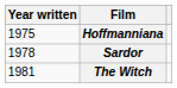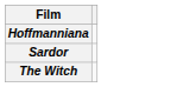 <table class="wikitable plainrowheaders sortable">
 <tr style="background:#ccc; text-align:center;">
-<th scope="col" class="unsortable">Year written</th>
 <th scope="col" class="unsortable">Film</th>
 <th scope="col" class="unsortable"></th>
 </tr>
 <tr>
-<td>1975</td>
 <th scope=row><em>Hoffmanniana</em></th>
 <td style="text-align:center;"></td>
 </tr>
 <tr>
-<td>1978</td>
 <th scope=row><em>Sardor</em></th>
 <td style="text-align:center;"></td>
 </tr>
 <tr>
-<td>1981</td>
 <th scope=row><em>The Witch</em></th>
 <td style="text-align:center;"></td>
 </tr>
 </table>
